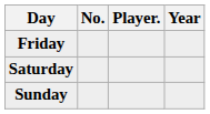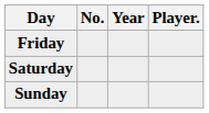 <table class="wikitable non-sortable">
 <tr>
 <th style="text-align:center; ">Day</th>
 <th style="text-align:center; ">No.</th>
+<th style="text-align:center; ">Year</th>
 <th style="text-align:center; ">Player.</th>
-<th style="text-align:center; ">Year</th>
 </tr>
 <tr style="background:#eeeeee;text-align:center;">
 <td><strong>Friday</strong></td>
 <td></td>
 <td></td>
 <td></td>
 </tr>
 <tr style="background:#eeeeee;text-align:center;">
 <td><strong>Saturday</strong></td>
 <td></td>
 <td></td>
 <td></td>
 </tr>
 <tr style="background:#eeeeee;text-align:center;">
 <td><strong>Sunday</strong></td>
 <td></td>
 <td></td>
 <td></td>
 </tr>
 </table>
